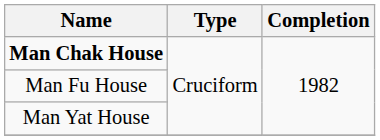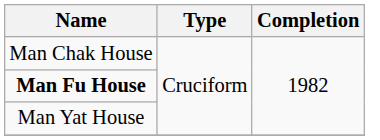 <table class="wikitable" style="text-align: center">
 <tr>
 <th>Name</th>
 <th>Type</th>
 <th>Completion</th>
 </tr>
 <tr>
-<td><strong>Man Chak House</strong></td>
+<td>Man Chak House</td>
 <td rowspan="3">Cruciform</td>
 <td rowspan="3">1982</td>
 </tr>
 <tr>
-<td>Man Fu House</td>
+<td><strong>Man Fu House</strong></td>
 </tr>
 <tr>
 <td>Man Yat House</td>
 </tr>
 <tr>
 </tr>
 </table>
